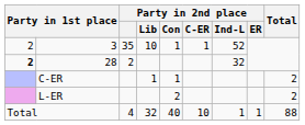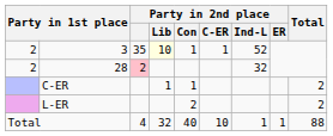 <table class="wikitable" style="text-align:right;">
 <tr>
 <th rowspan="2" colspan="2" style="text-align:left;">Party in 1st place</th>
 <th colspan="6">Party in 2nd place</th>
 <th rowspan="2">Total</th>
 </tr>
 <tr>
 <th></th>
 <th>Lib</th>
 <th>Con</th>
 <th>C-ER</th>
 <th>Ind-L</th>
 <th>ER</th>
 </tr>
 <tr>
 <td>2</td>
 <td>3</td>
 <td>35</td>
-<td>10</td>
+<td style="background: lightyellow;">10</td>
 <td>1</td>
 <td>1</td>
 <td>52</td>
 </tr>
 <tr>
-<td><strong>2</strong></td>
+<td>2</td>
 <td>28</td>
-<td>2</td>
+<td style="background: pink;">2</td>
 <td></td>
 <td></td>
 <td></td>
 <td>32</td>
 </tr>
 <tr>
 <td style="background-color:#B8BFFE;"></td>
 <td style="text-align:left;">C-ER</td>
 <td></td>
 <td>1</td>
 <td>1</td>
 <td></td>
 <td></td>
 <td></td>
 <td>2</td>
 </tr>
 <tr>
 <td style="background-color:#EEAAEE;"></td>
 <td style="text-align:left;">L-ER</td>
 <td></td>
 <td></td>
 <td>2</td>
 <td></td>
 <td></td>
 <td></td>
 <td>2</td>
 </tr>
 <tr>
 <td colspan="2" style="text-align:left;">Total</td>
 <td>4</td>
 <td>32</td>
 <td>40</td>
 <td>10</td>
 <td>1</td>
 <td>1</td>
 <td>88</td>
 </tr>
 </table>
